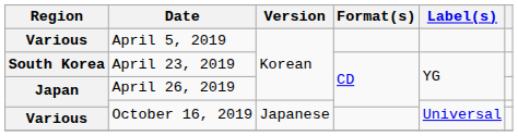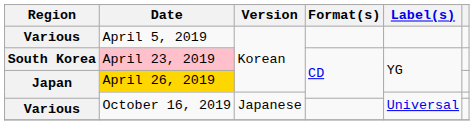 <table class="wikitable plainrowheaders">
 <tr>
 <th scope="col">Region</th>
 <th scope="col">Date</th>
 <th scope="col">Version</th>
 <th scope="col">Format(s)</th>
 <th scope="col"><a href='#'>Label(s)</a></th>
 <th scope="col"></th>
 </tr>
 <tr>
 <th scope="row">Various</th>
 <td>April 5, 2019</td>
 <td rowspan="3">Korean</td>
 <td></td>
 <td></td>
 <td align="center"></td>
 </tr>
 <tr>
 <th scope="row">South Korea</th>
-<td>April 23, 2019</td>
+<td style="background: pink;">April 23, 2019</td>
 <td rowspan="3"><a href='#'>CD</a></td>
 <td rowspan="2">YG</td>
 <td align="center"></td>
 </tr>
 <tr>
 <th scope="row" rowspan="2">Japan</th>
-<td>April 26, 2019</td>
+<td style="background: gold;">April 26, 2019</td>
 <td align="center"></td>
 </tr>
 <tr>
 <td rowspan="2">October 16, 2019</td>
 <td rowspan="2">Japanese</td>
 <td rowspan="2"><a href='#'>Universal</a></td>
 <td align="center"></td>
 </tr>
 <tr>
 <th scope="row">Various</th>
 <td></td>
 <td align="center"></td>
 </tr>
 <tr>
 </tr>
 </table>
